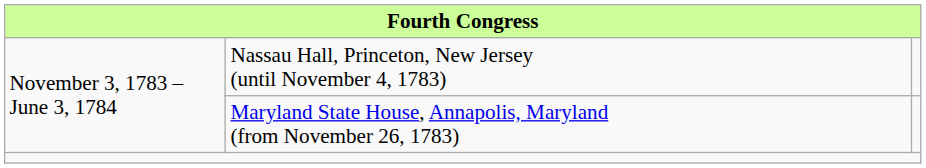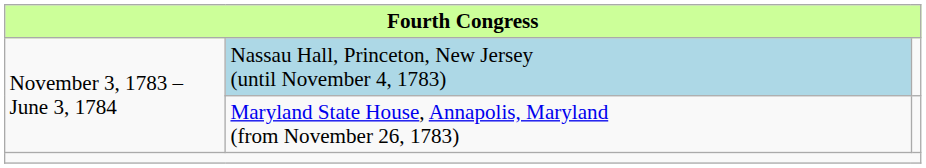 <table class=wikitable>
 <tr>
 <th colspan=3 style="background:#ccff99;">Fourth Congress</th>
 </tr>
 <tr>
 <td rowspan=2 style="width: 10em;">November 3, 1783 –June 3, 1784</td>
-<td style="width: 32em;">Nassau Hall, Princeton, New Jersey<br>(until November 4, 1783)</td>
+<td style="background: lightblue; width: 32em;">Nassau Hall, Princeton, New Jersey<br>(until November 4, 1783)</td>
 <td></td>
 </tr>
 <tr>
 <td><a href='#'>Maryland State House</a>, <a href='#'>Annapolis, Maryland</a><br>(from November 26, 1783)</td>
 <td></td>
 </tr>
 <tr>
 <td colspan=3></td>
 </tr>
 </table>
